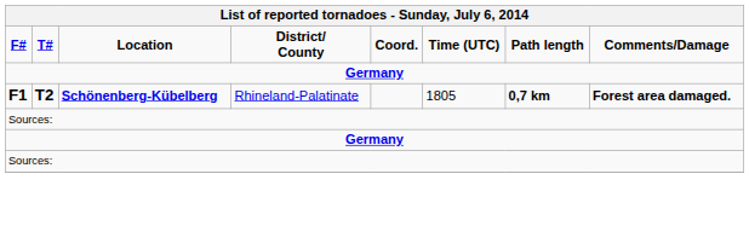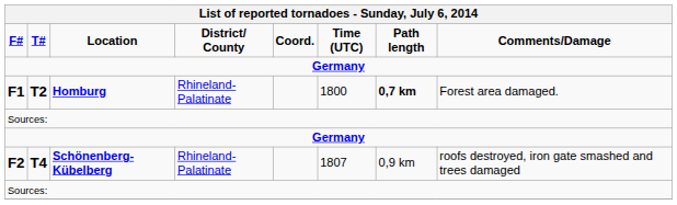 <table class="wikitable collapsible" width="100%">
 <tr>
 <th colspan="8">List of reported tornadoes - Sunday, July 6, 2014</th>
 </tr>
 <tr>
 <td style="text-align: center;"><strong><a href='#'>F#</a></strong></td>
 <td style="text-align: center;"><strong><a href='#'>T#</a></strong></td>
 <td style="text-align: center;"><strong>Location</strong></td>
 <td style="text-align: center;"><strong>District/<br>County</strong></td>
 <td style="text-align: center;"><strong>Coord.</strong></td>
 <td style="text-align: center;"><strong>Time (UTC)</strong></td>
 <td style="text-align: center;"><strong>Path length</strong></td>
 <td style="text-align: center;"><strong>Comments/Damage</strong></td>
 </tr>
 <tr>
 <td colspan="8" align=center><strong><a href='#'>Germany</a></strong></td>
 </tr>
 <tr>
 <td><big><strong>F1</strong></big></td>
 <td><big><strong>T2</strong></big></td>
-<td><strong><a href='#'>Schönenberg-Kübelberg</a></strong></td>
+<td><strong><a href='#'>Homburg</a></strong></td>
 <td><a href='#'>Rhineland-Palatinate</a></td>
 <td></td>
-<td>1805</td>
+<td>1800</td>
 <td><strong>0,7 km</strong></td>
-<td><strong>Forest area damaged.</strong></td>
+<td>Forest area damaged.</td>
 </tr>
 <tr>
 <td colspan="8"><small>Sources:</small></td>
 </tr>
 <tr>
 <td colspan="8" align=center><strong><a href='#'>Germany</a></strong></td>
 </tr>
 <tr>
+<td><big><strong>F2</strong></big></td>
+<td><big><strong>T4</strong></big></td>
+<td><strong><a href='#'>Schönenberg-Kübelberg</a></strong></td>
+<td><a href='#'>Rhineland-Palatinate</a></td>
+<td></td>
+<td>1807</td>
+<td>0,9 km</td>
+<td>roofs destroyed, iron gate smashed and trees damaged</td>
+</tr>
+<tr>
 <td colspan="8"><small>Sources:</small></td>
 </tr>
 <tr>
 </tr>
 </table>
